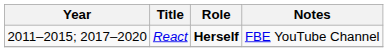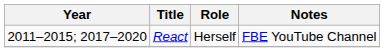 <table class="wikitable sortable">
 <tr>
 <th>Year</th>
 <th>Title</th>
 <th>Role</th>
 <th>Notes</th>
 </tr>
 <tr>
 <td>2011–2015; 2017–2020</td>
 <td><a href='#'><em>React</em></a></td>
-<td><strong>Herself</strong></td>
+<td>Herself</td>
 <td><a href='#'>FBE</a> YouTube Channel</td>
 </tr>
 <tr>
 </tr>
 </table>
